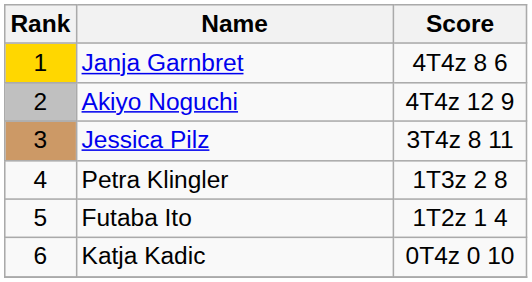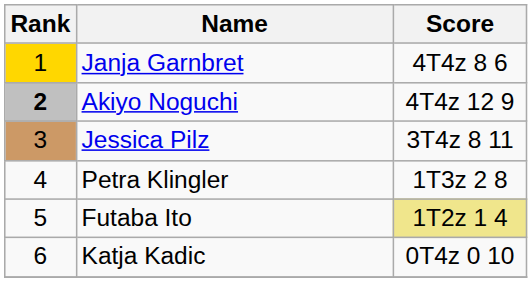 <table class="wikitable">
 <tr>
 <th>Rank</th>
 <th width = "200">Name</th>
 <th width = "80">Score</th>
 </tr>
 <tr>
 <td align="center" style="background: gold">1</td>
 <td> <a href='#'>Janja Garnbret</a></td>
 <td align="center">4T4z 8 6</td>
 </tr>
 <tr>
-<td align="center" style="background: silver">2</td>
+<td align="center" style="background: silver"><strong>2</strong></td>
 <td> <a href='#'>Akiyo Noguchi</a></td>
 <td align="center">4T4z 12 9</td>
 </tr>
 <tr>
 <td align="center" style="background: #cc9966">3</td>
 <td> <a href='#'>Jessica Pilz</a></td>
 <td align="center">3T4z 8 11</td>
 </tr>
 <tr>
 <td align="center">4</td>
 <td> Petra Klingler</td>
 <td align="center">1T3z 2 8</td>
 </tr>
 <tr>
 <td align="center">5</td>
 <td> Futaba Ito</td>
-<td align="center">1T2z 1 4</td>
+<td align="center" style="background: khaki;">1T2z 1 4</td>
 </tr>
 <tr>
 <td align="center">6</td>
 <td> Katja Kadic</td>
 <td align="center">0T4z 0 10</td>
 </tr>
 <tr>
 </tr>
 </table>
